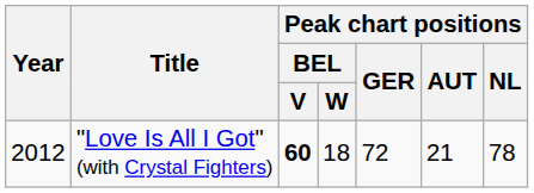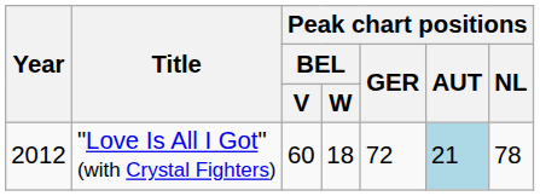 <table class="wikitable">
 <tr>
 <th rowspan="3">Year</th>
 <th rowspan="3">Title</th>
 <th colspan="5">Peak chart positions</th>
 </tr>
 <tr>
 <th colspan="2">BEL</th>
 <th rowspan="2">GER</th>
 <th rowspan="2">AUT</th>
 <th rowspan="2">NL</th>
 </tr>
 <tr>
 <th>V</th>
 <th>W</th>
 </tr>
 <tr>
 <td>2012</td>
 <td>"<a href='#'>Love Is All I Got</a>"<br><small>(with <a href='#'>Crystal Fighters</a>)</small></td>
-<td><strong>60</strong></td>
+<td>60</td>
 <td>18</td>
 <td>72</td>
-<td>21</td>
+<td style="background: lightblue;">21</td>
 <td>78</td>
 </tr>
 </table>
